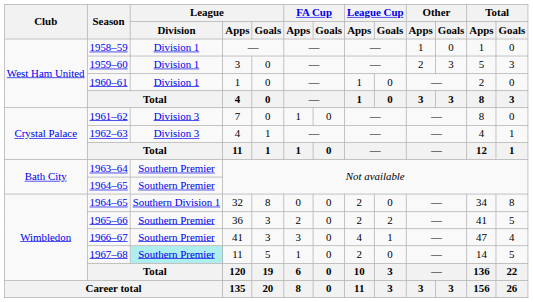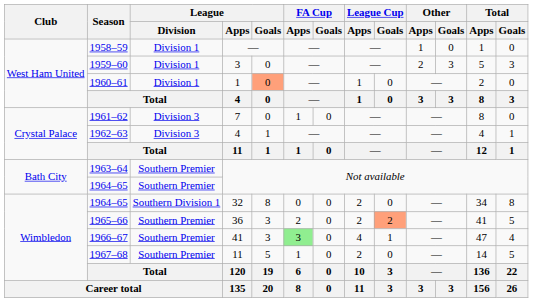 <table class="wikitable" style="text-align:center">
 <tr>
 <th rowspan="2">Club</th>
 <th rowspan="2">Season</th>
 <th colspan="3">League</th>
 <th colspan="2"><a href='#'>FA Cup</a></th>
 <th colspan="2"><a href='#'>League Cup</a></th>
 <th colspan="2">Other</th>
 <th colspan="2">Total</th>
 </tr>
 <tr>
 <th>Division</th>
 <th>Apps</th>
 <th>Goals</th>
 <th>Apps</th>
 <th>Goals</th>
 <th>Apps</th>
 <th>Goals</th>
 <th>Apps</th>
 <th>Goals</th>
 <th>Apps</th>
 <th>Goals</th>
 </tr>
 <tr>
 <td rowspan="4"><a href='#'>West Ham United</a></td>
 <td><a href='#'>1958–59</a></td>
 <td><a href='#'>Division 1</a></td>
 <td colspan="2">—</td>
 <td colspan="2" —>—</td>
 <td colspan="2">—</td>
 <td>1</td>
 <td>0</td>
 <td>1</td>
 <td>0</td>
 </tr>
 <tr>
 <td><a href='#'>1959–60</a></td>
 <td><a href='#'>Division 1</a></td>
 <td>3</td>
 <td>0</td>
 <td colspan="2">—</td>
 <td colspan="2">—</td>
 <td>2</td>
 <td>3</td>
 <td>5</td>
 <td>3</td>
 </tr>
 <tr>
 <td><a href='#'>1960–61</a></td>
 <td><a href='#'>Division 1</a></td>
 <td>1</td>
-<td>0</td>
+<td style="background: lightsalmon;">0</td>
 <td colspan="2">—</td>
 <td>1</td>
 <td>0</td>
 <td colspan="2">—</td>
 <td>2</td>
 <td>0</td>
 </tr>
 <tr>
 <th colspan="2">Total</th>
 <th>4</th>
 <th>0</th>
 <th colspan="2">—</th>
 <th>1</th>
 <th>0</th>
 <th>3</th>
 <th>3</th>
 <th>8</th>
 <th>3</th>
 </tr>
 <tr>
 <td rowspan="3"><a href='#'>Crystal Palace</a></td>
 <td><a href='#'>1961–62</a></td>
 <td><a href='#'>Division 3</a></td>
 <td>7</td>
 <td>0</td>
 <td —>1</td>
 <td>0</td>
 <td colspan="2">—</td>
 <td colspan="2">—</td>
 <td>8</td>
 <td>0</td>
 </tr>
 <tr>
 <td><a href='#'>1962–63</a></td>
 <td><a href='#'>Division 3</a></td>
 <td>4</td>
 <td>1</td>
 <td colspan="2">—</td>
 <td colspan="2">—</td>
 <td colspan="2">—</td>
 <td>4</td>
 <td>1</td>
 </tr>
 <tr>
 <th colspan="2">Total</th>
 <th>11</th>
 <th>1</th>
 <th>1</th>
 <th>0</th>
 <th colspan="2">—</th>
 <th colspan="2">—</th>
 <th>12</th>
 <th>1</th>
 </tr>
 <tr>
 <td rowspan="2"><a href='#'>Bath City</a></td>
 <td><a href='#'>1963–64</a></td>
 <td><a href='#'>Southern Premier</a></td>
 <td colspan="10" rowspan="2"><em>Not available</em></td>
 </tr>
 <tr>
 <td><a href='#'>1964–65</a></td>
 <td><a href='#'>Southern Premier</a></td>
 </tr>
 <tr>
 <td rowspan="5"><a href='#'>Wimbledon</a></td>
 <td><a href='#'>1964–65</a></td>
 <td><a href='#'>Southern Division 1</a></td>
 <td>32</td>
 <td>8</td>
 <td>0</td>
 <td>0</td>
 <td>2</td>
 <td>0</td>
 <td colspan="2">—</td>
 <td>34</td>
 <td>8</td>
 </tr>
 <tr>
 <td><a href='#'>1965–66</a></td>
 <td><a href='#'>Southern Premier</a></td>
 <td>36</td>
 <td>3</td>
 <td>2</td>
 <td>0</td>
 <td>2</td>
-<td>2</td>
+<td style="background: lightsalmon;">2</td>
 <td colspan="2">—</td>
 <td>41</td>
 <td>5</td>
 </tr>
 <tr>
 <td><a href='#'>1966–67</a></td>
 <td><a href='#'>Southern Premier</a></td>
 <td>41</td>
 <td>3</td>
-<td>3</td>
+<td style="background: lightgreen;">3</td>
 <td>0</td>
 <td>4</td>
 <td>1</td>
 <td colspan="2">—</td>
 <td>47</td>
 <td>4</td>
 </tr>
 <tr>
 <td><a href='#'>1967–68</a></td>
-<td style="background: paleturquoise;"><a href='#'>Southern Premier</a></td>
+<td><a href='#'>Southern Premier</a></td>
 <td>11</td>
 <td>5</td>
 <td>1</td>
 <td>0</td>
 <td>2</td>
 <td>0</td>
 <td colspan="2">—</td>
 <td>14</td>
 <td>5</td>
 </tr>
 <tr>
 <th colspan="2">Total</th>
 <th>120</th>
 <th>19</th>
 <th>6</th>
 <th>0</th>
 <th>10</th>
 <th>3</th>
 <th colspan="2">—</th>
 <th>136</th>
 <th>22</th>
 </tr>
 <tr>
 <th colspan="3">Career total</th>
 <th>135</th>
 <th>20</th>
 <th>8</th>
 <th>0</th>
 <th>11</th>
 <th>3</th>
 <th>3</th>
 <th>3</th>
 <th>156</th>
 <th>26</th>
 </tr>
 </table>
